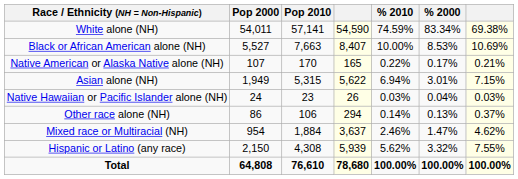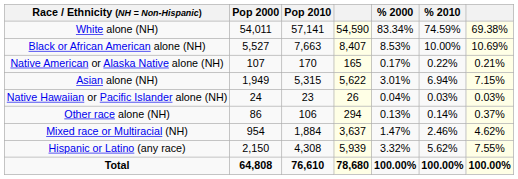 <table class="wikitable" style="text-align:center;">
 <tr>
 <th>Race / Ethnicity <small>(<em>NH = Non-Hispanic</em>)</small></th>
 <th>Pop 2000</th>
 <th>Pop 2010</th>
 <th></th>
+<th>% 2000</th>
 <th>% 2010</th>
-<th>% 2000</th>
 <th></th>
 </tr>
 <tr>
 <td><a href='#'>White</a> alone (NH)</td>
 <td>54,011</td>
 <td>57,141</td>
 <td style='background: #ffffe6;'>54,590</td>
+<td>83.34%</td>
 <td>74.59%</td>
-<td>83.34%</td>
 <td style='background: #ffffe6;'>69.38%</td>
 </tr>
 <tr>
 <td><a href='#'>Black or African American</a> alone (NH)</td>
 <td>5,527</td>
 <td>7,663</td>
 <td style='background: #ffffe6;'>8,407</td>
+<td>8.53%</td>
 <td>10.00%</td>
-<td>8.53%</td>
 <td style='background: #ffffe6;'>10.69%</td>
 </tr>
 <tr>
 <td><a href='#'>Native American</a> or <a href='#'>Alaska Native</a> alone (NH)</td>
 <td>107</td>
 <td>170</td>
 <td style='background: #ffffe6;'>165</td>
+<td>0.17%</td>
 <td>0.22%</td>
-<td>0.17%</td>
 <td style='background: #ffffe6;'>0.21%</td>
 </tr>
 <tr>
 <td><a href='#'>Asian</a> alone (NH)</td>
 <td>1,949</td>
 <td>5,315</td>
 <td style='background: #ffffe6;'>5,622</td>
+<td>3.01%</td>
 <td>6.94%</td>
-<td>3.01%</td>
 <td style='background: #ffffe6;'>7.15%</td>
 </tr>
 <tr>
 <td><a href='#'>Native Hawaiian</a> or <a href='#'>Pacific Islander</a> alone (NH)</td>
 <td>24</td>
 <td>23</td>
 <td style='background: #ffffe6;'>26</td>
+<td>0.04%</td>
 <td>0.03%</td>
-<td>0.04%</td>
 <td style='background: #ffffe6;'>0.03%</td>
 </tr>
 <tr>
 <td><a href='#'>Other race</a> alone (NH)</td>
 <td>86</td>
 <td>106</td>
 <td style='background: #ffffe6;'>294</td>
+<td>0.13%</td>
 <td>0.14%</td>
-<td>0.13%</td>
 <td style='background: #ffffe6;'>0.37%</td>
 </tr>
 <tr>
 <td><a href='#'>Mixed race or Multiracial</a> (NH)</td>
 <td>954</td>
 <td>1,884</td>
 <td style='background: #ffffe6;'>3,637</td>
+<td>1.47%</td>
 <td>2.46%</td>
-<td>1.47%</td>
 <td style='background: #ffffe6;'>4.62%</td>
 </tr>
 <tr>
 <td><a href='#'>Hispanic or Latino</a> (any race)</td>
 <td>2,150</td>
 <td>4,308</td>
 <td style='background: #ffffe6;'>5,939</td>
+<td>3.32%</td>
 <td>5.62%</td>
-<td>3.32%</td>
 <td style='background: #ffffe6;'>7.55%</td>
 </tr>
 <tr>
 <td><strong>Total</strong></td>
 <td><strong>64,808</strong></td>
 <td><strong>76,610</strong></td>
 <td style='background: #ffffe6;'><strong>78,680</strong></td>
 <td><strong>100.00%</strong></td>
 <td><strong>100.00%</strong></td>
 <td style='background: #ffffe6;'><strong>100.00%</strong></td>
 </tr>
 </table>
